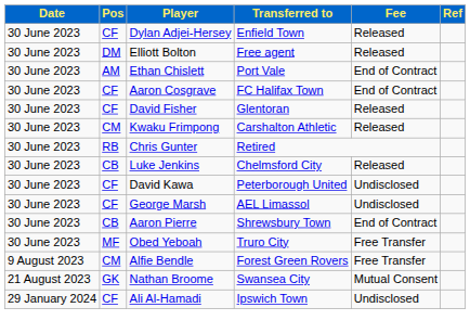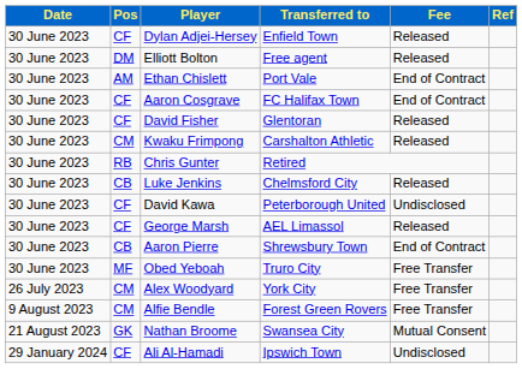 <table class="wikitable plainrowheaders sortable">
 <tr>
 <th style="background:#0066cb; color:#fe6; ">Date</th>
 <th style="background:#0066cb; color:#fe6; ">Pos</th>
 <th style="background:#0066cb; color:#fe6; ">Player</th>
 <th style="background:#0066cb; color:#fe6; ">Transferred to</th>
 <th style="background:#0066cb; color:#fe6; ">Fee</th>
 <th style="background:#0066cb; color:#fe6; ">Ref</th>
 </tr>
 <tr>
 <td>30 June 2023</td>
 <td><a href='#'>CF</a></td>
 <td> <a href='#'>Dylan Adjei-Hersey</a></td>
 <td> <a href='#'>Enfield Town</a></td>
 <td>Released</td>
 <td></td>
 </tr>
 <tr>
 <td>30 June 2023</td>
 <td><a href='#'>DM</a></td>
 <td> Elliott Bolton</td>
 <td> <a href='#'>Free agent</a></td>
 <td>Released</td>
 <td></td>
 </tr>
 <tr>
 <td>30 June 2023</td>
 <td><a href='#'>AM</a></td>
 <td> <a href='#'>Ethan Chislett</a></td>
 <td> <a href='#'>Port Vale</a></td>
 <td>End of Contract</td>
 <td></td>
 </tr>
 <tr>
 <td>30 June 2023</td>
 <td><a href='#'>CF</a></td>
 <td> <a href='#'>Aaron Cosgrave</a></td>
 <td> <a href='#'>FC Halifax Town</a></td>
 <td>End of Contract</td>
 <td></td>
 </tr>
 <tr>
 <td>30 June 2023</td>
 <td><a href='#'>CF</a></td>
 <td> <a href='#'>David Fisher</a></td>
 <td> <a href='#'>Glentoran</a></td>
 <td>Released</td>
 <td></td>
 </tr>
 <tr>
 <td>30 June 2023</td>
 <td><a href='#'>CM</a></td>
 <td> <a href='#'>Kwaku Frimpong</a></td>
 <td> <a href='#'>Carshalton Athletic</a></td>
 <td>Released</td>
 <td></td>
 </tr>
 <tr>
 <td>30 June 2023</td>
 <td><a href='#'>RB</a></td>
 <td> <a href='#'>Chris Gunter</a></td>
 <td colspan="2"><a href='#'>Retired</a></td>
 <td></td>
 </tr>
 <tr>
 <td>30 June 2023</td>
 <td><a href='#'>CB</a></td>
 <td> <a href='#'>Luke Jenkins</a></td>
 <td> <a href='#'>Chelmsford City</a></td>
 <td>Released</td>
 <td></td>
 </tr>
 <tr>
 <td>30 June 2023</td>
 <td><a href='#'>CF</a></td>
 <td> David Kawa</td>
 <td> <a href='#'>Peterborough United</a></td>
 <td>Undisclosed</td>
 <td></td>
 </tr>
 <tr>
 <td>30 June 2023</td>
 <td><a href='#'>CF</a></td>
 <td> <a href='#'>George Marsh</a></td>
 <td> <a href='#'>AEL Limassol</a></td>
-<td>Undisclosed</td>
+<td>Released</td>
 <td></td>
 </tr>
 <tr>
 <td>30 June 2023</td>
 <td><a href='#'>CB</a></td>
 <td> <a href='#'>Aaron Pierre</a></td>
 <td> <a href='#'>Shrewsbury Town</a></td>
 <td>End of Contract</td>
 <td></td>
 </tr>
 <tr>
 <td>30 June 2023</td>
 <td><a href='#'>MF</a></td>
 <td> <a href='#'>Obed Yeboah</a></td>
 <td> <a href='#'>Truro City</a></td>
+<td>Free Transfer</td>
+<td></td>
+</tr>
+<tr>
+<td>26 July 2023</td>
+<td><a href='#'>CM</a></td>
+<td> <a href='#'>Alex Woodyard</a></td>
+<td> <a href='#'>York City</a></td>
 <td>Free Transfer</td>
 <td></td>
 </tr>
 <tr>
 <td>9 August 2023</td>
 <td><a href='#'>CM</a></td>
 <td> <a href='#'>Alfie Bendle</a></td>
 <td> <a href='#'>Forest Green Rovers</a></td>
 <td>Free Transfer</td>
 <td></td>
 </tr>
 <tr>
 <td>21 August 2023</td>
 <td><a href='#'>GK</a></td>
 <td> <a href='#'>Nathan Broome</a></td>
 <td> <a href='#'>Swansea City</a></td>
 <td>Mutual Consent</td>
 <td></td>
 </tr>
 <tr>
 <td>29 January 2024</td>
 <td><a href='#'>CF</a></td>
 <td> <a href='#'>Ali Al-Hamadi</a></td>
 <td> <a href='#'>Ipswich Town</a></td>
 <td>Undisclosed</td>
 <td></td>
 </tr>
 </table>
